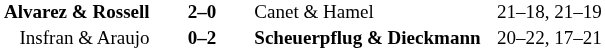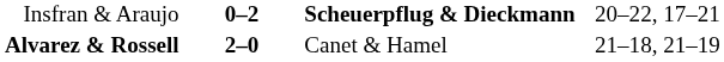 <table>
 <tr>
 <th width=200></th>
 <th width=80></th>
 <th width=200></th>
 <th width=220></th>
 </tr>
 <tr>
+<td align=right>Insfran & Araujo</td>
+<td align=center><strong>0–2</strong></td>
+<td align=left><strong>Scheuerpflug & Dieckmann</strong></td>
+<td>20–22, 17–21</td>
+</tr>
+<tr>
 <td align=right><strong>Alvarez & Rossell</strong></td>
 <td align=center><strong>2–0</strong></td>
 <td align=left>Canet & Hamel</td>
 <td>21–18, 21–19</td>
 </tr>
-<tr>
-<td align=right>Insfran & Araujo</td>
-<td align=center><strong>0–2</strong></td>
-<td align=left><strong>Scheuerpflug & Dieckmann</strong></td>
-<td>20–22, 17–21</td>
-</tr>
 </table>
